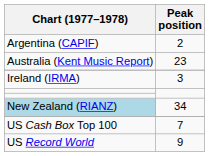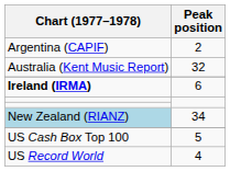 <table class="wikitable sortable">
 <tr>
 <th>Chart (1977–1978)</th>
 <th>Peak<br>position</th>
 </tr>
 <tr>
 <td>Argentina (<a href='#'>CAPIF</a>)</td>
 <td style="text-align:center;">2</td>
 </tr>
 <tr>
 <td>Australia (<a href='#'>Kent Music Report</a>)</td>
-<td style="text-align:center;">23</td>
+<td style="text-align:center;">32</td>
 </tr>
 <tr>
 </tr>
 <tr>
 </tr>
 <tr>
-<td>Ireland (<a href='#'>IRMA</a>)</td>
-<td style="text-align:center;">3</td>
+<td><strong>Ireland (<a href='#'>IRMA</a>)</strong></td>
+<td style="text-align:center;">6</td>
 </tr>
 <tr>
 <td></td>
 </tr>
 <tr>
 <td></td>
 </tr>
 <tr>
 <td style="background: lightblue;">New Zealand (<a href='#'>RIANZ</a>)</td>
 <td style="text-align:center;">34</td>
 </tr>
 <tr>
 </tr>
 <tr>
 </tr>
 <tr>
 </tr>
 <tr>
 <td>US <em>Cash Box</em> Top 100</td>
-<td style="text-align:center;">7</td>
+<td style="text-align:center;">5</td>
 </tr>
 <tr>
 <td>US <em><a href='#'>Record World</a></em></td>
-<td style="text-align:center;">9</td>
+<td style="text-align:center;">4</td>
 </tr>
 </table>
